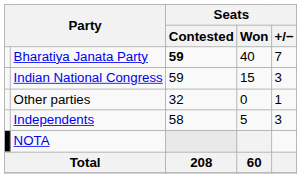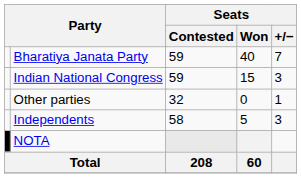 <table class="wikitable">
 <tr>
 <th colspan="4" rowspan="2">Party</th>
 <th colspan="3">Seats</th>
 </tr>
 <tr>
 <th>Contested</th>
 <th>Won</th>
 <th><strong>+/−</strong></th>
 </tr>
 <tr>
 <td></td>
 <td colspan="3"><a href='#'>Bharatiya Janata Party</a></td>
-<td><strong>59</strong></td>
+<td>59</td>
 <td>40</td>
 <td>7</td>
 </tr>
 <tr>
 <td></td>
 <td colspan="3"><a href='#'>Indian National Congress</a></td>
 <td>59</td>
 <td>15</td>
 <td>3</td>
 </tr>
 <tr>
 <td></td>
 <td colspan="3">Other parties</td>
 <td>32</td>
 <td>0</td>
 <td>1</td>
 </tr>
 <tr>
 <td></td>
 <td colspan="3"><a href='#'>Independents</a></td>
 <td>58</td>
 <td>5</td>
 <td>3</td>
 </tr>
 <tr>
 <td style="background:Black; color:White"></td>
 <td colspan="3"><a href='#'>NOTA</a></td>
 <th style="background-color:#E9E9E9"></th>
 <th></th>
 <td></td>
 </tr>
 <tr>
 <th colspan="4">Total</th>
 <th>208</th>
 <th>60</th>
 <th></th>
 </tr>
 <tr>
 </tr>
 </table>
